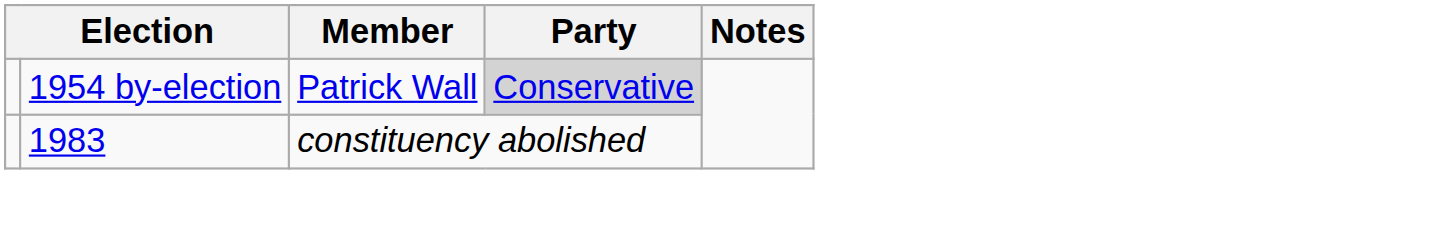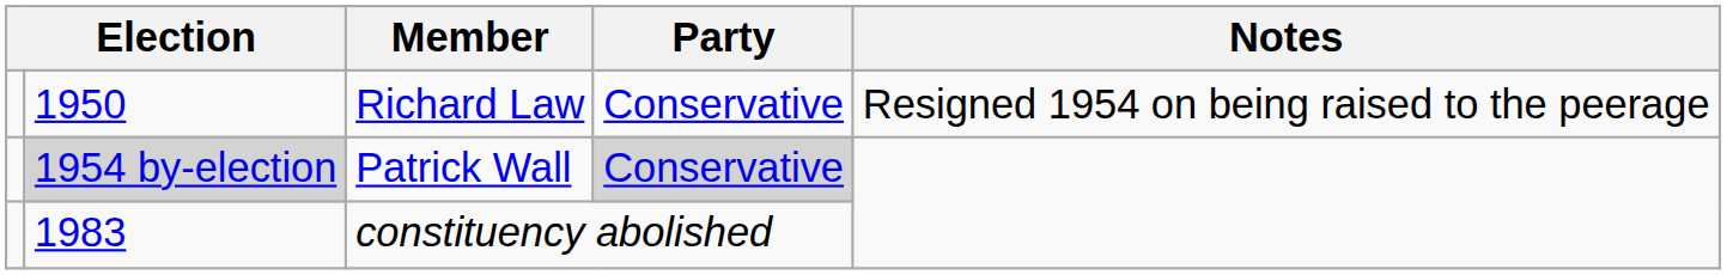 <table class="wikitable">
 <tr>
 <th colspan="2">Election</th>
 <th>Member</th>
 <th>Party</th>
 <th>Notes</th>
 </tr>
 <tr>
 <td style="color:inherit;background-color: "></td>
-<td><a href='#'>1954 by-election</a></td>
+<td><a href='#'>1950</a></td>
+<td><a href='#'>Richard Law</a></td>
+<td><a href='#'>Conservative</a></td>
+<td>Resigned 1954 on being raised to the peerage</td>
+</tr>
+<tr>
+<td style="color:inherit;background-color: "></td>
+<td style="background: lightgrey;"><a href='#'>1954 by-election</a></td>
 <td><a href='#'>Patrick Wall</a></td>
 <td style="background: lightgrey;"><a href='#'>Conservative</a></td>
 </tr>
 <tr>
 <td></td>
 <td><a href='#'>1983</a></td>
 <td colspan="2"><em>constituency abolished</em></td>
 </tr>
 </table>
